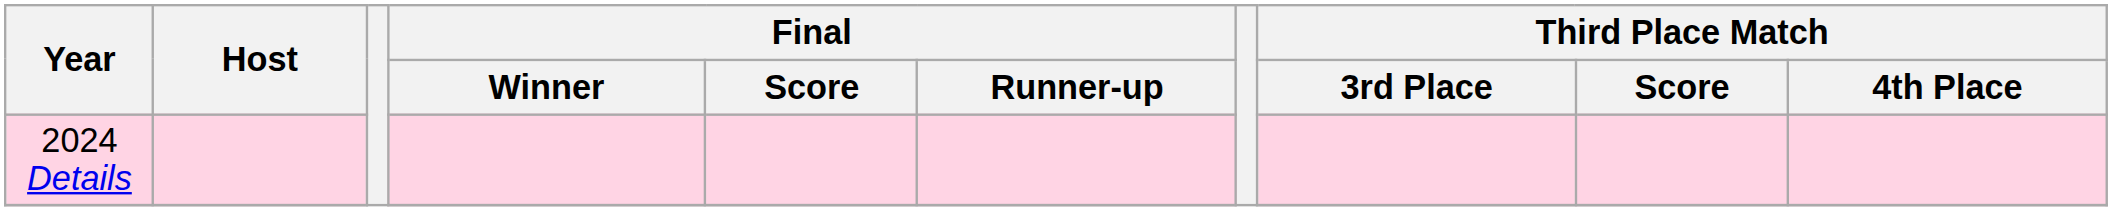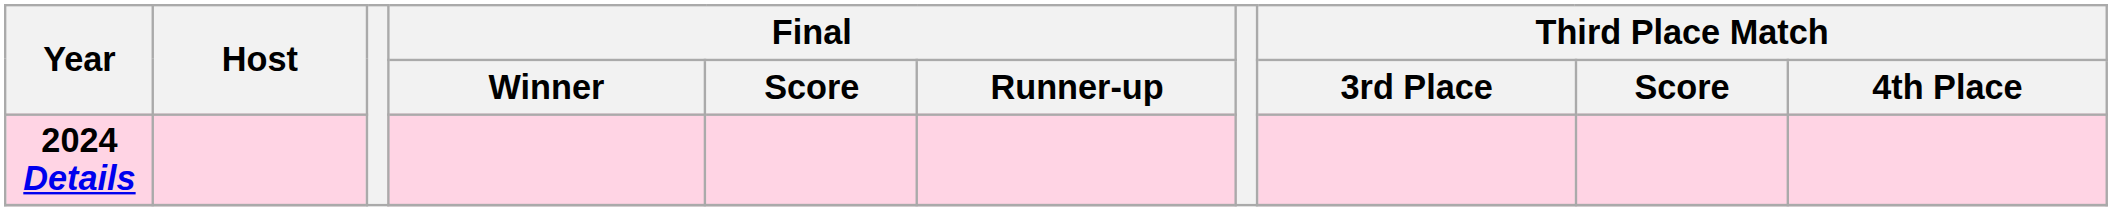 <table class="wikitable" style="font-size: 90%; text-align: center; width: 100%;">
 <tr>
 <th rowspan="2" width="7%">Year</th>
 <th rowspan="2" width="10%">Host</th>
 <th width="1%" rowspan=5></th>
 <th colspan="3">Final</th>
 <th width="1%" rowspan=5></th>
 <th colspan="3">Third Place Match</th>
 </tr>
 <tr>
 <th width="15%">Winner</th>
 <th width="10%">Score</th>
 <th width="15%">Runner-up</th>
 <th width="15%">3rd Place</th>
 <th width="10%">Score</th>
 <th width="15%">4th Place</th>
 </tr>
 <tr align="center" bgcolor="#ffd4e4">
-<td>2024<br><em><a href='#'>Details</a></em></td>
+<td><strong>2024<br><em><a href='#'>Details</a></em></strong></td>
 <td align=left></td>
 <td><strong></strong></td>
 <td></td>
 <td></td>
 <td></td>
 <td></td>
 <td></td>
 </tr>
 <tr align="center" bgcolor="#fff0ff">
 </tr>
 </table>
